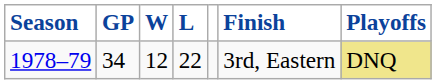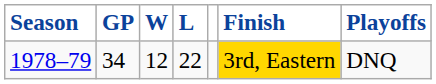 <table class="wikitable">
 <tr style="font-weight:bold;background:white;color:#0b429b;border-color:#c9333f;">
 <td>Season</td>
 <td>GP</td>
 <td>W</td>
 <td>L</td>
 <td></td>
 <td>Finish</td>
 <td>Playoffs</td>
 </tr>
 <tr>
 <td><a href='#'>1978–79</a></td>
 <td>34</td>
 <td>12</td>
 <td>22</td>
 <td></td>
-<td>3rd, Eastern</td>
-<td style="background: khaki;">DNQ</td>
+<td style="background: gold;">3rd, Eastern</td>
+<td>DNQ</td>
 </tr>
 </table>
